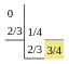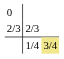 <table cellspacing="0" cellpadding="3">
 <tr>
 <td width="20"></td>
 <td style="border-right:1px solid;">0</td>
 </tr>
 <tr>
 <td></td>
 <td style="border-right:1px solid; border-bottom:1px solid;">2/3</td>
-<td>1/4</td>
+<td style="border-bottom:1px solid;">2/3</td>
 <td style="border-bottom:1px solid;"></td>
 </tr>
 <tr>
 <td></td>
 <td style="border-right:1px solid;"></td>
-<td style="border-bottom:1px solid;">2/3</td>
+<td>1/4</td>
 <td style="background: khaki;">3/4</td>
 </tr>
 </table>
